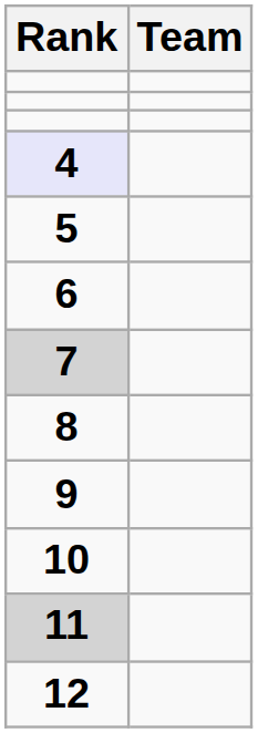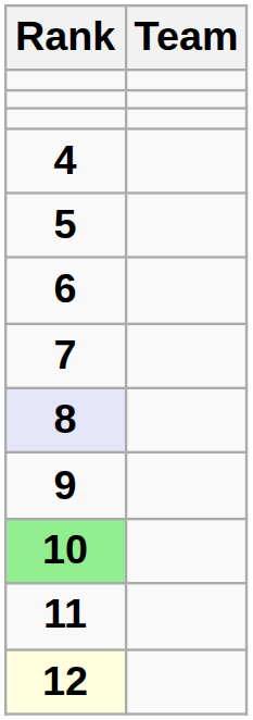 <table class="wikitable" style="text-align: center;">
 <tr>
 <th>Rank</th>
 <th>Team</th>
 </tr>
 <tr>
 <td></td>
 <td align="left"></td>
 </tr>
 <tr>
 <td></td>
 <td align="left"></td>
 </tr>
 <tr>
 <td></td>
 <td align="left"></td>
 </tr>
 <tr>
-<td style="background: lavender;"><strong>4</strong></td>
+<td><strong>4</strong></td>
 <td align="left"></td>
 </tr>
 <tr>
 <td><strong>5</strong></td>
 <td align="left"></td>
 </tr>
 <tr>
 <td><strong>6</strong></td>
 <td align="left"></td>
 </tr>
 <tr>
-<td style="background: lightgrey;"><strong>7</strong></td>
+<td><strong>7</strong></td>
 <td align="left"></td>
 </tr>
 <tr>
-<td><strong>8</strong></td>
+<td style="background: lavender;"><strong>8</strong></td>
 <td align="left"></td>
 </tr>
 <tr>
 <td><strong>9</strong></td>
 <td align="left"></td>
 </tr>
 <tr>
-<td><strong>10</strong></td>
+<td style="background: lightgreen;"><strong>10</strong></td>
 <td align="left"></td>
 </tr>
 <tr>
-<td style="background: lightgrey;"><strong>11</strong></td>
+<td><strong>11</strong></td>
 <td align="left"></td>
 </tr>
 <tr>
-<td><strong>12</strong></td>
+<td style="background: lightyellow;"><strong>12</strong></td>
 <td align="left"></td>
 </tr>
 </table>
